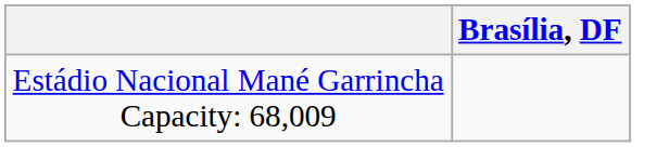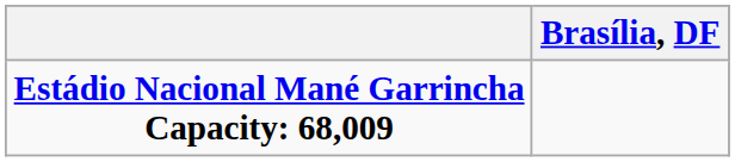 <table class="wikitable" style="text-align:center">
 <tr>
 <th></th>
 <th><a href='#'>Brasília</a>, <a href='#'>DF</a></th>
 </tr>
 <tr>
-<td><a href='#'>Estádio Nacional Mané Garrincha</a><br>Capacity: 68,009<br></td>
+<td><strong><a href='#'>Estádio Nacional Mané Garrincha</a><br>Capacity: 68,009<br></strong></td>
 </tr>
 </table>
